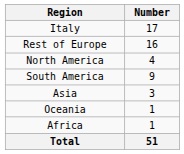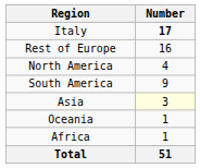 <table class="wikitable sortable" style="width:230px; float:right; margin:0 1em;">
 <tr>
 <th scope="col">Region</th>
 <th scope="col">Number</th>
 </tr>
 <tr>
 <td style="text-align:center" scope="row">Italy</td>
-<td style="text-align:center">17</td>
+<td style="text-align:center"><strong>17</strong></td>
 </tr>
 <tr>
 <td style="text-align:center" scope="row" data-sort-value="Europe, Rest of">Rest of Europe</td>
 <td style="text-align:center">16</td>
 </tr>
 <tr>
 <td style="text-align:center" scope="row" data-sort-value="America, North">North America</td>
 <td style="text-align:center">4</td>
 </tr>
 <tr>
 <td style="text-align:center" scope="row" data-sort-value="America, South">South America</td>
 <td style="text-align:center">9</td>
 </tr>
 <tr>
 <td style="text-align:center" scope="row">Asia</td>
-<td style="text-align:center">3</td>
+<td style="background: lightyellow; text-align:center">3</td>
 </tr>
 <tr>
 <td style="text-align:center" scope="row">Oceania</td>
 <td style="text-align:center">1</td>
 </tr>
 <tr>
 <td style="text-align:center" scope="row">Africa</td>
 <td style="text-align:center">1</td>
 </tr>
 <tr>
 <th scope="row">Total</th>
 <th>51</th>
 </tr>
 </table>
